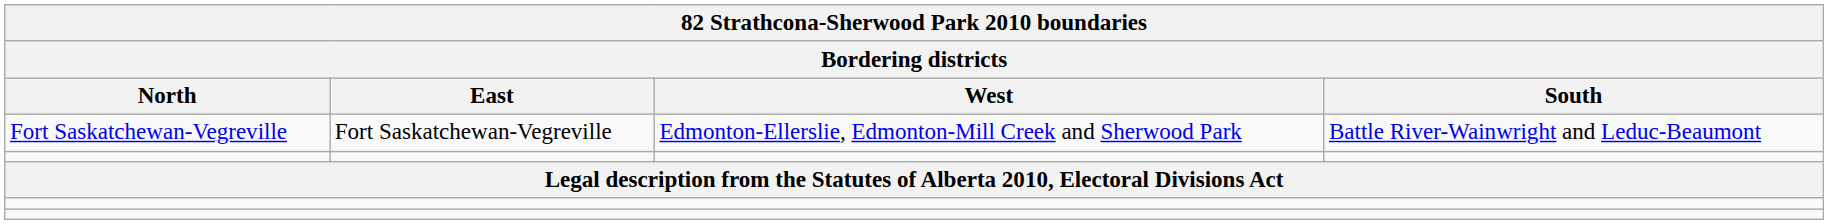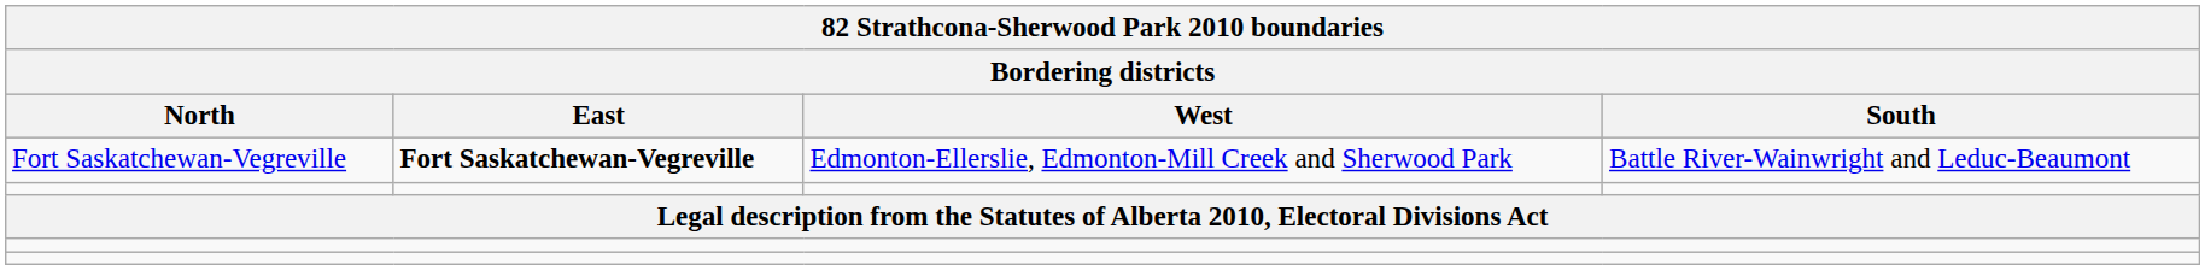 <table class="wikitable collapsible collapsed" style="width:100%;">
 <tr>
 <th colspan=4>82 Strathcona-Sherwood Park 2010 boundaries</th>
 </tr>
 <tr>
 <th colspan=4>Bordering districts</th>
 </tr>
 <tr>
 <th>North</th>
 <th>East</th>
 <th>West</th>
 <th>South</th>
 </tr>
 <tr>
 <td><a href='#'>Fort Saskatchewan-Vegreville</a></td>
-<td>Fort Saskatchewan-Vegreville</td>
+<td><strong>Fort Saskatchewan-Vegreville</strong></td>
 <td><a href='#'>Edmonton-Ellerslie</a>, <a href='#'>Edmonton-Mill Creek</a> and <a href='#'>Sherwood Park</a></td>
 <td><a href='#'>Battle River-Wainwright</a> and <a href='#'>Leduc-Beaumont</a></td>
 </tr>
 <tr>
 <td align=center></td>
 <td align=center></td>
 <td align=center></td>
 <td align=center></td>
 </tr>
 <tr>
 <th colspan=4>Legal description from the Statutes of Alberta 2010, Electoral Divisions Act</th>
 </tr>
 <tr>
 <td colspan=4></td>
 </tr>
 <tr>
 <td colspan=4></td>
 </tr>
 </table>
